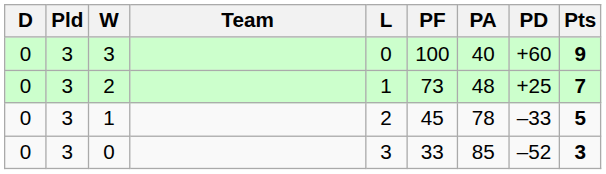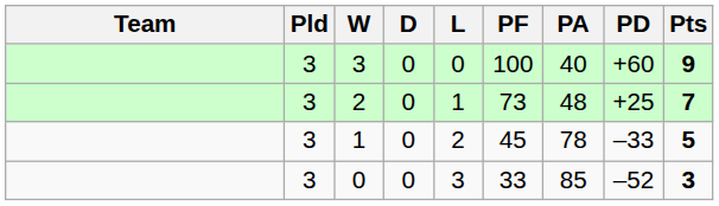 <table class="wikitable" style="text-align:center;">
 <tr>
-<th width=25 abbr="Drawn">D</th>
+<th width=175>Team</th>
 <th width=25 abbr="Played">Pld</th>
 <th width=25 abbr="Won">W</th>
-<th width=175>Team</th>
+<th width=25 abbr="Drawn">D</th>
 <th width=25 abbr="Lost">L</th>
 <th width=32 abbr="Points for">PF</th>
 <th width=32 abbr="Points against">PA</th>
 <th width=32 abbr="Points difference">PD</th>
 <th width=25 abbr="Points">Pts</th>
 </tr>
 <tr bgcolor=ccffcc>
-<td>0</td>
+<td align=left></td>
 <td>3</td>
 <td>3</td>
-<td align=left></td>
+<td>0</td>
 <td>0</td>
 <td>100</td>
 <td>40</td>
 <td>+60</td>
 <td><strong>9</strong></td>
 </tr>
 <tr bgcolor=ccffcc>
-<td>0</td>
+<td align=left></td>
 <td>3</td>
 <td>2</td>
-<td align=left></td>
+<td>0</td>
 <td>1</td>
 <td>73</td>
 <td>48</td>
 <td>+25</td>
 <td><strong>7</strong></td>
 </tr>
 <tr>
-<td>0</td>
+<td align=left></td>
 <td>3</td>
 <td>1</td>
-<td align=left></td>
+<td>0</td>
 <td>2</td>
 <td>45</td>
 <td>78</td>
 <td>–33</td>
 <td><strong>5</strong></td>
 </tr>
 <tr>
-<td>0</td>
+<td align=left></td>
 <td>3</td>
 <td>0</td>
-<td align=left></td>
+<td>0</td>
 <td>3</td>
 <td>33</td>
 <td>85</td>
 <td>–52</td>
 <td><strong>3</strong></td>
 </tr>
 </table>
